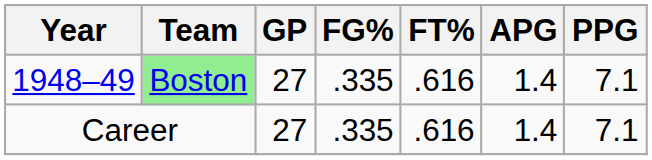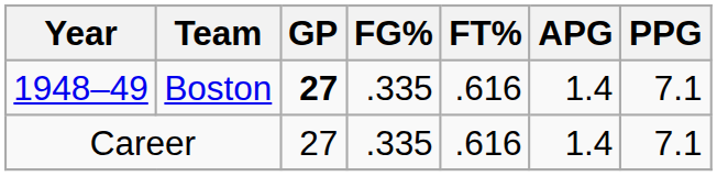 <table class="wikitable sortable" style="font-size:95%; text-align:right;">
 <tr>
 <th>Year</th>
 <th>Team</th>
 <th>GP</th>
 <th>FG%</th>
 <th>FT%</th>
 <th>APG</th>
 <th>PPG</th>
 </tr>
 <tr>
 <td style="text-align:left;"><a href='#'>1948–49</a></td>
-<td style="background: lightgreen; text-align:left;"><a href='#'>Boston</a></td>
-<td>27</td>
+<td style="text-align:left;"><a href='#'>Boston</a></td>
+<td><strong>27</strong></td>
 <td>.335</td>
 <td>.616</td>
 <td>1.4</td>
 <td>7.1</td>
 </tr>
 <tr>
 <td style="text-align:center;" colspan="2">Career</td>
 <td>27</td>
 <td>.335</td>
 <td>.616</td>
 <td>1.4</td>
 <td>7.1</td>
 </tr>
 <tr>
 </tr>
 </table>
